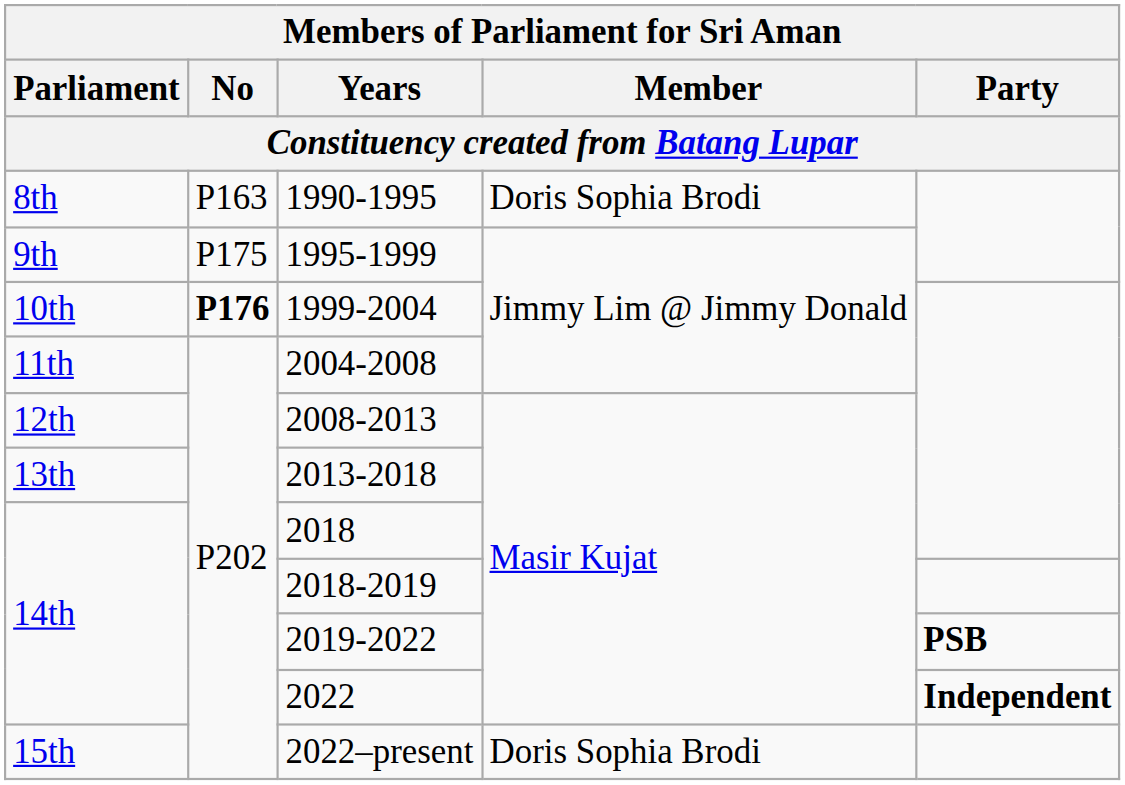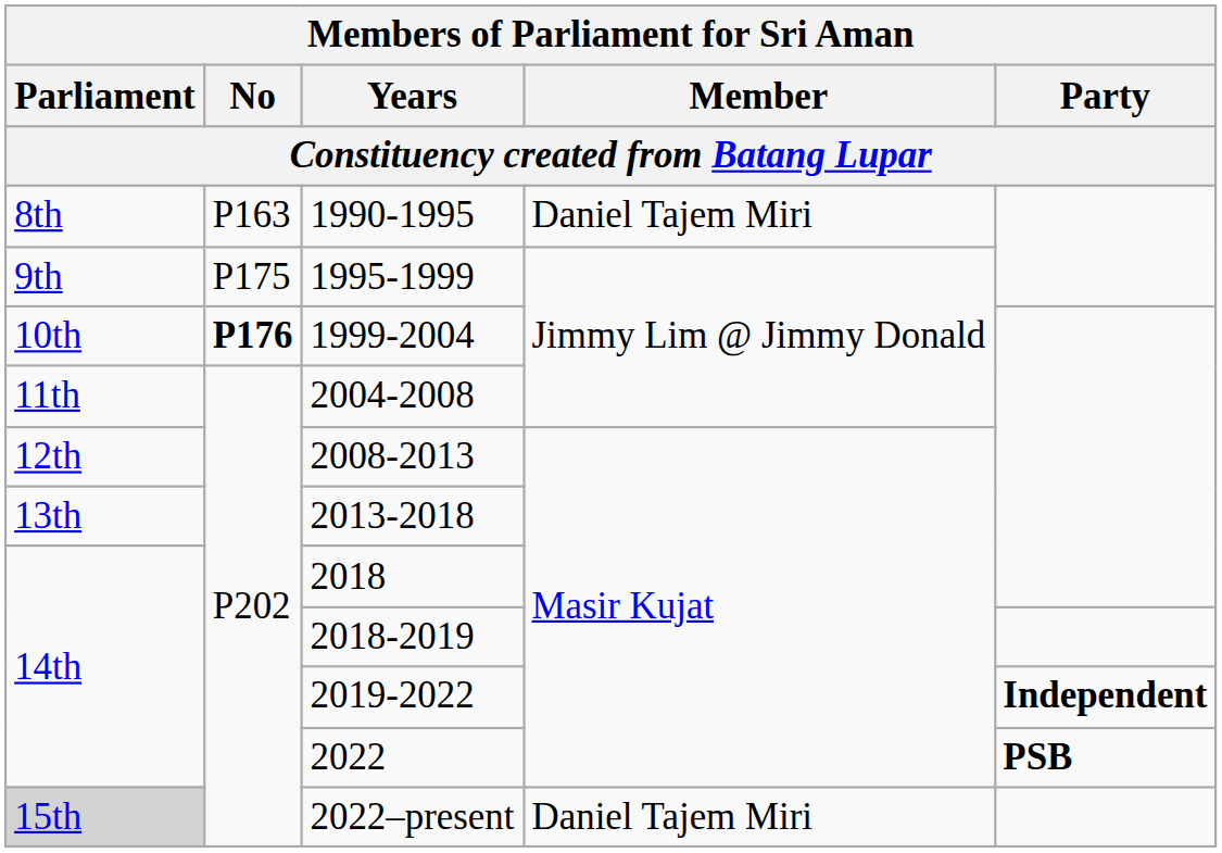 <table class=wikitable>
 <tr>
 <th colspan="5">Members of Parliament for Sri Aman</th>
 </tr>
 <tr>
 <th>Parliament</th>
 <th>No</th>
 <th>Years</th>
 <th>Member</th>
 <th>Party</th>
 </tr>
 <tr>
 <th colspan="5" align="center"><em>Constituency created from <a href='#'>Batang Lupar</a></em></th>
 </tr>
 <tr>
 <td><a href='#'>8th</a></td>
 <td>P163</td>
 <td>1990-1995</td>
-<td>Doris Sophia Brodi</td>
+<td>Daniel Tajem Miri</td>
 <td rowspan="2"></td>
 </tr>
 <tr>
 <td><a href='#'>9th</a></td>
 <td>P175</td>
 <td>1995-1999</td>
 <td rowspan=3>Jimmy Lim @ Jimmy Donald</td>
 </tr>
 <tr>
 <td><a href='#'>10th</a></td>
 <td><strong>P176</strong></td>
 <td>1999-2004</td>
 <td rowspan="5"></td>
 </tr>
 <tr>
 <td><a href='#'>11th</a></td>
 <td rowspan="8">P202</td>
 <td>2004-2008</td>
 </tr>
 <tr>
 <td><a href='#'>12th</a></td>
 <td>2008-2013</td>
 <td rowspan="6"><a href='#'>Masir Kujat</a></td>
 </tr>
 <tr>
 <td><a href='#'>13th</a></td>
 <td>2013-2018</td>
 </tr>
 <tr>
 <td rowspan="4"><a href='#'>14th</a></td>
 <td>2018</td>
 </tr>
 <tr>
 <td>2018-2019</td>
 <td></td>
 </tr>
 <tr>
 <td>2019-2022</td>
+<td><strong>Independent</strong></td>
+</tr>
+<tr>
+<td>2022</td>
 <td><strong>PSB</strong></td>
 </tr>
 <tr>
-<td>2022</td>
-<td><strong>Independent</strong></td>
-</tr>
-<tr>
-<td><a href='#'>15th</a></td>
+<td style="background: lightgrey;"><a href='#'>15th</a></td>
 <td>2022–present</td>
-<td>Doris Sophia Brodi</td>
+<td>Daniel Tajem Miri</td>
 <td></td>
 </tr>
 </table>
